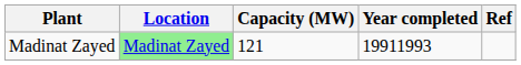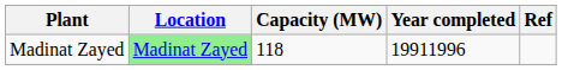 <table class="wikitable sortable">
 <tr>
 <th>Plant</th>
 <th><a href='#'>Location</a></th>
 <th>Capacity (MW)</th>
 <th>Year completed</th>
 <th>Ref</th>
 </tr>
 <tr>
 <td>Madinat Zayed</td>
 <td style="background: lightgreen;"><a href='#'>Madinat Zayed</a></td>
-<td>121</td>
-<td>19911993</td>
+<td>118</td>
+<td>19911996</td>
 <td></td>
 </tr>
 <tr>
 </tr>
 </table>
